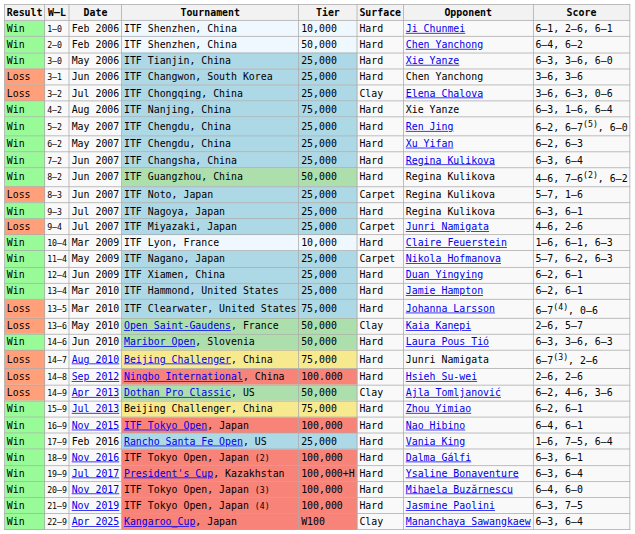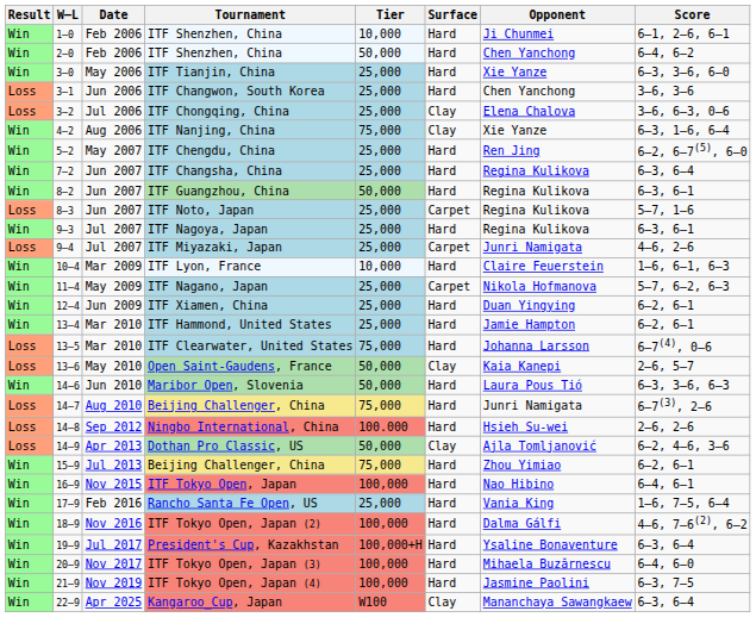 <table class="sortable wikitable">
 <tr>
 <th>Result</th>
 <th class="unsortable">W–L</th>
 <th>Date</th>
 <th>Tournament</th>
 <th>Tier</th>
 <th>Surface</th>
 <th>Opponent</th>
 <th class="unsortable">Score</th>
 </tr>
 <tr>
 <td bgcolor="98FB98">Win</td>
 <td><small>1–0</small></td>
 <td>Feb 2006</td>
 <td style="background:#f0f8ff;">ITF Shenzhen, China</td>
 <td style="background:#f0f8ff;">10,000</td>
 <td>Hard</td>
 <td> <a href='#'>Ji Chunmei</a></td>
 <td>6–1, 2–6, 6–1</td>
 </tr>
 <tr>
 <td bgcolor="98FB98">Win</td>
 <td><small>2–0</small></td>
 <td>Feb 2006</td>
 <td style="background:#f0f8ff;">ITF Shenzhen, China</td>
 <td style="background:#f0f8ff;">50,000</td>
 <td>Hard</td>
 <td> <a href='#'>Chen Yanchong</a></td>
 <td>6–4, 6–2</td>
 </tr>
 <tr>
 <td bgcolor="98FB98">Win</td>
 <td><small>3–0</small></td>
 <td>May 2006</td>
 <td style="background:lightblue;">ITF Tianjin, China</td>
 <td style="background:lightblue;">25,000</td>
 <td>Hard</td>
 <td> <a href='#'>Xie Yanze</a></td>
 <td>6–3, 3–6, 6–0</td>
 </tr>
 <tr>
 <td bgcolor="FFA07A">Loss</td>
 <td><small>3–1</small></td>
 <td>Jun 2006</td>
 <td style="background:lightblue;">ITF Changwon, South Korea</td>
 <td style="background:lightblue;">25,000</td>
 <td>Hard</td>
 <td> Chen Yanchong</td>
 <td>3–6, 3–6</td>
 </tr>
 <tr>
 <td bgcolor="FFA07A">Loss</td>
 <td><small>3–2</small></td>
 <td>Jul 2006</td>
 <td style="background:lightblue;">ITF Chongqing, China</td>
 <td style="background:lightblue;">25,000</td>
 <td>Clay</td>
 <td> <a href='#'>Elena Chalova</a></td>
 <td>3–6, 6–3, 0–6</td>
 </tr>
 <tr>
 <td bgcolor="98FB98">Win</td>
 <td><small>4–2</small></td>
 <td>Aug 2006</td>
 <td style="background:lightblue;">ITF Nanjing, China</td>
 <td style="background:lightblue;">75,000</td>
-<td>Hard</td>
+<td>Clay</td>
 <td> Xie Yanze</td>
 <td>6–3, 1–6, 6–4</td>
 </tr>
 <tr>
 <td bgcolor="98FB98">Win</td>
 <td><small>5–2</small></td>
 <td>May 2007</td>
 <td style="background:lightblue;">ITF Chengdu, China</td>
 <td style="background:lightblue;">25,000</td>
 <td>Hard</td>
 <td> <a href='#'>Ren Jing</a></td>
 <td>6–2, 6–7<sup>(5)</sup>, 6–0</td>
-</tr>
-<tr>
-<td bgcolor="98FB98">Win</td>
-<td><small>6–2</small></td>
-<td>May 2007</td>
-<td style="background:lightblue;">ITF Chengdu, China</td>
-<td style="background:lightblue;">25,000</td>
-<td>Hard</td>
-<td> <a href='#'>Xu Yifan</a></td>
-<td>6–2, 6–3</td>
 </tr>
 <tr>
 <td bgcolor="98FB98">Win</td>
 <td><small>7–2</small></td>
 <td>Jun 2007</td>
 <td style="background:lightblue;">ITF Changsha, China</td>
 <td style="background:lightblue;">25,000</td>
 <td>Hard</td>
 <td> <a href='#'>Regina Kulikova</a></td>
 <td>6–3, 6–4</td>
 </tr>
 <tr>
 <td bgcolor="98FB98">Win</td>
 <td><small>8–2</small></td>
 <td>Jun 2007</td>
 <td style="background:#addfad;">ITF Guangzhou, China</td>
 <td style="background:#addfad;">50,000</td>
 <td>Hard</td>
 <td> Regina Kulikova</td>
-<td>4–6, 7–6<sup>(2)</sup>, 6–2</td>
+<td>6–3, 6–1</td>
 </tr>
 <tr>
 <td bgcolor="FFA07A">Loss</td>
 <td><small>8–3</small></td>
 <td>Jun 2007</td>
 <td style="background:lightblue;">ITF Noto, Japan</td>
 <td style="background:lightblue;">25,000</td>
 <td>Carpet</td>
 <td> Regina Kulikova</td>
 <td>5–7, 1–6</td>
 </tr>
 <tr>
 <td bgcolor="98FB98">Win</td>
 <td><small>9–3</small></td>
 <td>Jul 2007</td>
 <td style="background:lightblue;">ITF Nagoya, Japan</td>
 <td style="background:lightblue;">25,000</td>
 <td>Hard</td>
 <td> Regina Kulikova</td>
 <td>6–3, 6–1</td>
 </tr>
 <tr>
 <td bgcolor="FFA07A">Loss</td>
 <td><small>9–4</small></td>
 <td>Jul 2007</td>
 <td style="background:lightblue;">ITF Miyazaki, Japan</td>
 <td style="background:lightblue;">25,000</td>
 <td>Carpet</td>
 <td> <a href='#'>Junri Namigata</a></td>
 <td>4–6, 2–6</td>
 </tr>
 <tr>
 <td bgcolor="98FB98">Win</td>
 <td><small>10–4</small></td>
 <td>Mar 2009</td>
 <td style="background:#f0f8ff;">ITF Lyon, France</td>
 <td style="background:#f0f8ff;">10,000</td>
 <td>Hard</td>
 <td> <a href='#'>Claire Feuerstein</a></td>
 <td>1–6, 6–1, 6–3</td>
 </tr>
 <tr>
 <td bgcolor="98FB98">Win</td>
 <td><small>11–4</small></td>
 <td>May 2009</td>
 <td style="background:lightblue;">ITF Nagano, Japan</td>
 <td style="background:lightblue;">25,000</td>
 <td>Carpet</td>
 <td> <a href='#'>Nikola Hofmanova</a></td>
 <td>5–7, 6–2, 6–3</td>
 </tr>
 <tr>
 <td bgcolor="98FB98">Win</td>
 <td><small>12–4</small></td>
 <td>Jun 2009</td>
 <td style="background:lightblue;">ITF Xiamen, China</td>
 <td style="background:lightblue;">25,000</td>
 <td>Hard</td>
 <td> <a href='#'>Duan Yingying</a></td>
 <td>6–2, 6–1</td>
 </tr>
 <tr>
 <td bgcolor="98FB98">Win</td>
 <td><small>13–4</small></td>
 <td>Mar 2010</td>
 <td style="background:lightblue;">ITF Hammond, United States</td>
 <td style="background:lightblue;">25,000</td>
 <td>Hard</td>
 <td> <a href='#'>Jamie Hampton</a></td>
 <td>6–2, 6–1</td>
 </tr>
 <tr>
 <td bgcolor="FFA07A">Loss</td>
 <td><small>13–5</small></td>
 <td>Mar 2010</td>
 <td style="background:lightblue;">ITF Clearwater, United States</td>
 <td style="background:lightblue;">75,000</td>
 <td>Hard</td>
 <td> <a href='#'>Johanna Larsson</a></td>
 <td>6–7<sup>(4)</sup>, 0–6</td>
 </tr>
 <tr>
 <td bgcolor="FFA07A">Loss</td>
 <td><small>13–6</small></td>
 <td>May 2010</td>
 <td style="background:#addfad;"><a href='#'>Open Saint-Gaudens</a>, France</td>
 <td style="background:#addfad;">50,000</td>
 <td>Clay</td>
 <td> <a href='#'>Kaia Kanepi</a></td>
 <td>2–6, 5–7</td>
 </tr>
 <tr>
 <td bgcolor="98FB98">Win</td>
 <td><small>14–6</small></td>
 <td>Jun 2010</td>
 <td style="background:#addfad;"><a href='#'>Maribor Open</a>, Slovenia</td>
 <td style="background:#addfad;">50,000</td>
 <td>Hard</td>
 <td> <a href='#'>Laura Pous Tió</a></td>
 <td>6–3, 3–6, 6–3</td>
 </tr>
 <tr>
 <td bgcolor="FFA07A">Loss</td>
 <td><small>14–7</small></td>
 <td><a href='#'>Aug 2010</a></td>
 <td style="background:#f7e98e;"><a href='#'>Beijing Challenger</a>, China</td>
 <td style="background:#f7e98e;">75,000</td>
 <td>Hard</td>
 <td> Junri Namigata</td>
 <td>6–7<sup>(3)</sup>, 2–6</td>
 </tr>
 <tr>
 <td bgcolor="FFA07A">Loss</td>
 <td><small>14–8</small></td>
 <td><a href='#'>Sep 2012</a></td>
 <td style="background:#f88379;"><a href='#'>Ningbo International</a>, China</td>
 <td style="background:#f88379;">100.000</td>
 <td>Hard</td>
 <td> <a href='#'>Hsieh Su-wei</a></td>
 <td>2–6, 2–6</td>
 </tr>
 <tr>
 <td bgcolor="FFA07A">Loss</td>
 <td><small>14–9</small></td>
 <td><a href='#'>Apr 2013</a></td>
 <td style="background:#addfad;"><a href='#'>Dothan Pro Classic</a>, US</td>
 <td style="background:#addfad;">50,000</td>
 <td>Clay</td>
 <td> <a href='#'>Ajla Tomljanović</a></td>
 <td>6–2, 4–6, 3–6</td>
 </tr>
 <tr>
 <td bgcolor="98FB98">Win</td>
 <td><small>15–9</small></td>
 <td><a href='#'>Jul 2013</a></td>
 <td style="background:#f7e98e;">Beijing Challenger, China</td>
 <td style="background:#f7e98e;">75,000</td>
 <td>Hard</td>
 <td> <a href='#'>Zhou Yimiao</a></td>
 <td>6–2, 6–1</td>
 </tr>
 <tr>
 <td bgcolor="98FB98">Win</td>
 <td><small>16–9</small></td>
 <td><a href='#'>Nov 2015</a></td>
 <td style="background:#f88379;"><a href='#'>ITF Tokyo Open</a>, Japan</td>
 <td style="background:#f88379;">100,000</td>
 <td>Hard</td>
 <td> <a href='#'>Nao Hibino</a></td>
 <td>6–4, 6–1</td>
 </tr>
 <tr>
 <td style="background:#98fb98;">Win</td>
 <td><small>17–9</small></td>
 <td>Feb 2016</td>
 <td style="background:lightblue;"><a href='#'>Rancho Santa Fe Open</a>, US</td>
 <td style="background:lightblue;">25,000</td>
 <td>Hard</td>
 <td> <a href='#'>Vania King</a></td>
 <td>1–6, 7–5, 6–4</td>
 </tr>
 <tr>
 <td bgcolor="98FB98">Win</td>
 <td><small>18–9</small></td>
 <td><a href='#'>Nov 2016</a></td>
 <td style="background:#f88379;">ITF Tokyo Open, Japan <small>(2)</small></td>
 <td style="background:#f88379;">100,000</td>
 <td>Hard</td>
 <td> <a href='#'>Dalma Gálfi</a></td>
-<td>6–3, 6–1</td>
+<td>4–6, 7–6<sup>(2)</sup>, 6–2</td>
 </tr>
 <tr>
 <td bgcolor="98FB98">Win</td>
 <td><small>19–9</small></td>
 <td><a href='#'>Jul 2017</a></td>
 <td style="background:#f88379;"><a href='#'>President's Cup</a>, Kazakhstan</td>
 <td style="background:#f88379;">100,000+H</td>
 <td>Hard</td>
 <td> <a href='#'>Ysaline Bonaventure</a></td>
 <td>6–3, 6–4</td>
 </tr>
 <tr>
 <td bgcolor="98FB98">Win</td>
 <td><small>20–9</small></td>
 <td><a href='#'>Nov 2017</a></td>
 <td style="background:#f88379;">ITF Tokyo Open, Japan <small>(3)</small></td>
 <td style="background:#f88379;">100,000</td>
 <td>Hard</td>
 <td> <a href='#'>Mihaela Buzărnescu</a></td>
 <td>6–4, 6–0</td>
 </tr>
 <tr>
 <td bgcolor="98FB98">Win</td>
 <td><small>21–9</small></td>
 <td><a href='#'>Nov 2019</a></td>
 <td style="background:#f88379;">ITF Tokyo Open, Japan <small>(4)</small></td>
 <td style="background:#f88379;">100,000</td>
 <td>Hard</td>
 <td> <a href='#'>Jasmine Paolini</a></td>
 <td>6–3, 7–5</td>
 </tr>
 <tr>
 <td bgcolor="98FB98">Win</td>
 <td><small>22–9</small></td>
 <td><a href='#'>Apr 2025</a></td>
 <td style="background:#f88379;"><a href='#'>Kangaroo_Cup</a>, Japan</td>
 <td style="background:#f88379;">W100</td>
 <td>Clay</td>
 <td> <a href='#'>Mananchaya Sawangkaew</a></td>
 <td>6–3, 6–4</td>
 </tr>
 </table>
